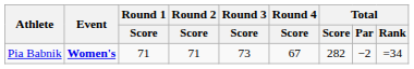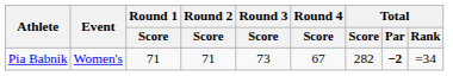 <table class=wikitable style=font-size:90%;text-align:center>
 <tr>
 <th rowspan=2>Athlete</th>
 <th rowspan=2>Event</th>
 <th>Round 1</th>
 <th>Round 2</th>
 <th>Round 3</th>
 <th>Round 4</th>
 <th colspan=3>Total</th>
 </tr>
 <tr style=font-size:95%>
 <th>Score</th>
 <th>Score</th>
 <th>Score</th>
 <th>Score</th>
 <th>Score</th>
 <th>Par</th>
 <th>Rank</th>
 </tr>
 <tr>
 <td align=left><a href='#'>Pia Babnik</a></td>
-<td align=left><strong><a href='#'>Women's</a></strong></td>
+<td align=left><a href='#'>Women's</a></td>
 <td>71</td>
 <td>71</td>
 <td>73</td>
 <td>67</td>
 <td>282</td>
-<td>−2</td>
+<td><strong>−2</strong></td>
 <td>=34</td>
 </tr>
 </table>
